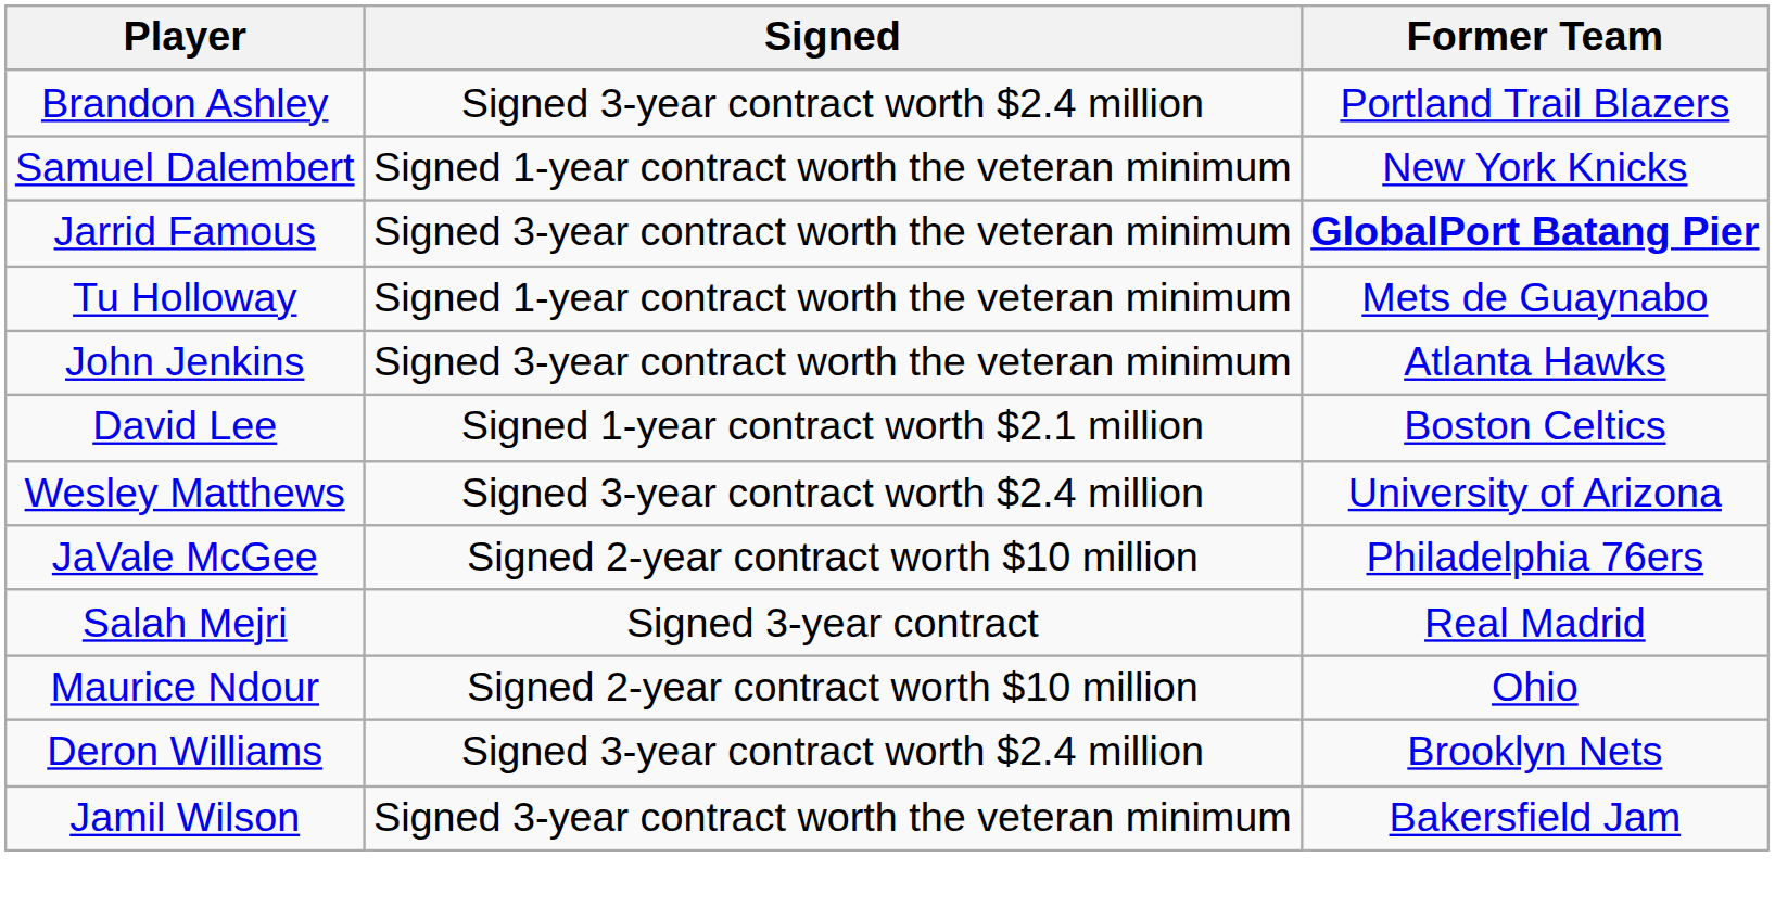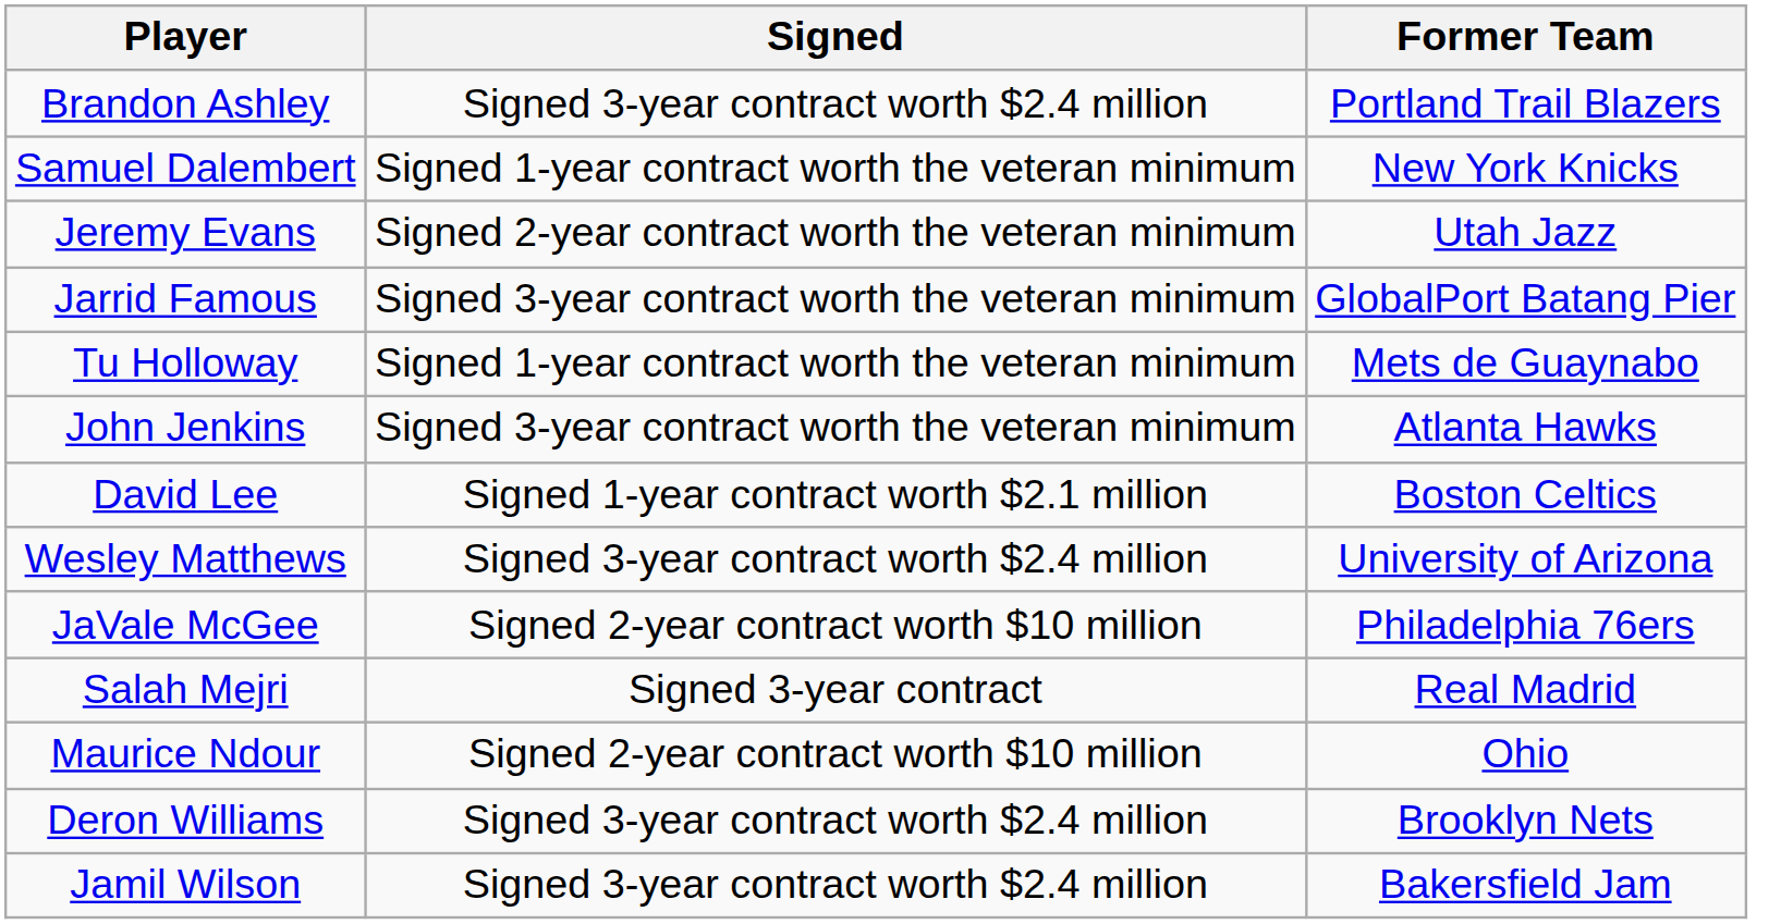 <table class="wikitable sortable sortable">
 <tr>
 <th>Player</th>
 <th>Signed</th>
 <th>Former Team</th>
 </tr>
 <tr style="text-align: center">
 <td><a href='#'>Brandon Ashley</a></td>
 <td>Signed 3-year contract worth $2.4 million</td>
 <td><a href='#'>Portland Trail Blazers</a></td>
 </tr>
 <tr style="text-align: center">
 <td><a href='#'>Samuel Dalembert</a></td>
 <td>Signed 1-year contract worth the veteran minimum</td>
 <td><a href='#'>New York Knicks</a></td>
 </tr>
 <tr style="text-align: center">
+<td><a href='#'>Jeremy Evans</a></td>
+<td>Signed 2-year contract worth the veteran minimum</td>
+<td><a href='#'>Utah Jazz</a></td>
+</tr>
+<tr style="text-align: center">
 <td><a href='#'>Jarrid Famous</a></td>
 <td>Signed 3-year contract worth the veteran minimum</td>
-<td><strong><a href='#'>GlobalPort Batang Pier</a></strong></td>
+<td><a href='#'>GlobalPort Batang Pier</a></td>
 </tr>
 <tr style="text-align: center">
 <td><a href='#'>Tu Holloway</a></td>
 <td>Signed 1-year contract worth the veteran minimum</td>
 <td><a href='#'>Mets de Guaynabo</a></td>
 </tr>
 <tr style="text-align: center">
 <td><a href='#'>John Jenkins</a></td>
 <td>Signed 3-year contract worth the veteran minimum</td>
 <td><a href='#'>Atlanta Hawks</a></td>
 </tr>
 <tr style="text-align: center">
 <td><a href='#'>David Lee</a></td>
 <td>Signed 1-year contract worth $2.1 million</td>
 <td><a href='#'>Boston Celtics</a></td>
 </tr>
 <tr style="text-align: center">
 <td><a href='#'>Wesley Matthews</a></td>
 <td>Signed 3-year contract worth $2.4 million</td>
 <td><a href='#'>University of Arizona</a></td>
 </tr>
 <tr style="text-align: center">
 <td><a href='#'>JaVale McGee</a></td>
 <td>Signed 2-year contract worth $10 million</td>
 <td><a href='#'>Philadelphia 76ers</a></td>
 </tr>
 <tr style="text-align: center">
 <td><a href='#'>Salah Mejri</a></td>
 <td>Signed 3-year contract</td>
 <td><a href='#'>Real Madrid</a></td>
 </tr>
 <tr style="text-align: center">
 <td><a href='#'>Maurice Ndour</a></td>
 <td>Signed 2-year contract worth $10 million</td>
 <td><a href='#'>Ohio</a></td>
 </tr>
 <tr style="text-align: center">
 <td><a href='#'>Deron Williams</a></td>
 <td>Signed 3-year contract worth $2.4 million</td>
 <td><a href='#'>Brooklyn Nets</a></td>
 </tr>
 <tr style="text-align: center">
 <td><a href='#'>Jamil Wilson</a></td>
-<td>Signed 3-year contract worth the veteran minimum</td>
+<td>Signed 3-year contract worth $2.4 million</td>
 <td><a href='#'>Bakersfield Jam</a></td>
 </tr>
 </table>
